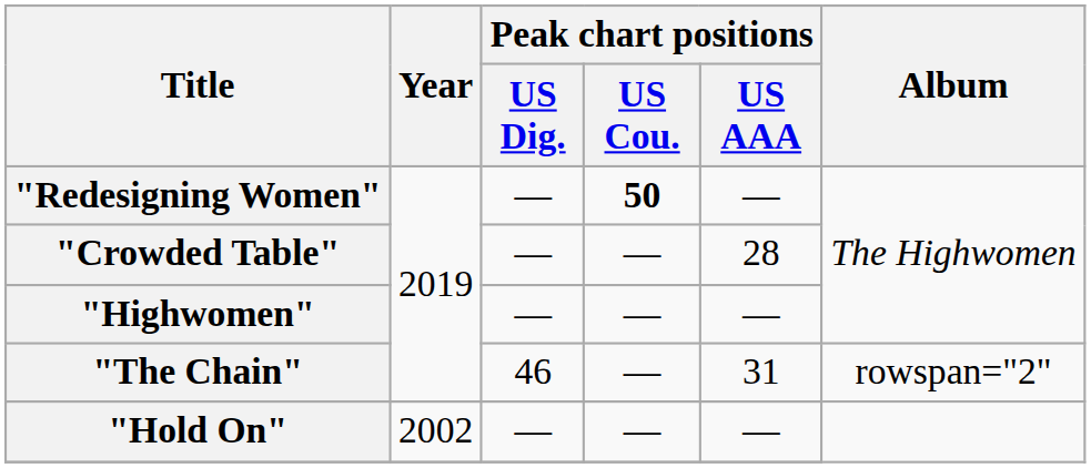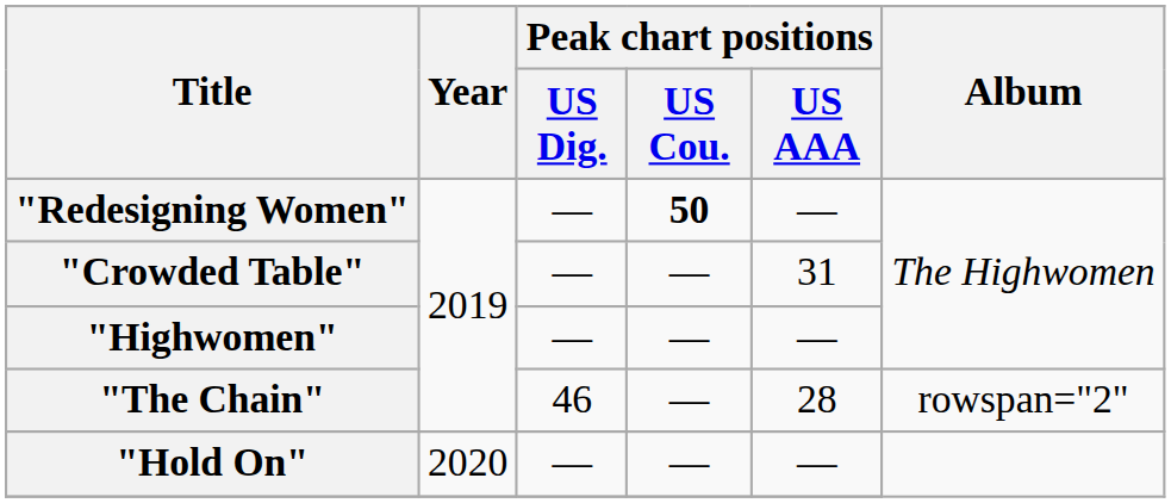 <table class="wikitable plainrowheaders" style="text-align:center">
 <tr>
 <th scope="col" rowspan="2">Title</th>
 <th scope="col" rowspan="2">Year</th>
 <th colspan="3" scope="col">Peak chart positions</th>
 <th scope="col" rowspan="2">Album</th>
 </tr>
 <tr>
 <th scope="col"><a href='#'>US<br>Dig.</a><br></th>
 <th scope="col"><a href='#'>US<br>Cou.</a><br></th>
 <th scope="col"><a href='#'>US<br>AAA</a><br></th>
 </tr>
 <tr>
 <th scope="row">"Redesigning Women"</th>
 <td rowspan="4">2019</td>
 <td>—</td>
 <td><strong>50</strong></td>
 <td>—</td>
 <td rowspan="3"><em>The Highwomen</em></td>
 </tr>
 <tr>
 <th scope="row">"Crowded Table"</th>
 <td>—</td>
 <td>—</td>
-<td>28</td>
+<td>31</td>
 </tr>
 <tr>
 <th scope="row">"Highwomen"</th>
 <td>—</td>
 <td>—</td>
 <td>—</td>
 </tr>
 <tr>
 <th scope="row">"The Chain"<br></th>
 <td>46</td>
 <td>—</td>
-<td>31</td>
+<td>28</td>
 <td>rowspan="2" </td>
 </tr>
 <tr>
 </tr>
 <tr>
 <th scope="row">"Hold On"<br></th>
-<td>2002</td>
+<td>2020</td>
 <td>—</td>
 <td>—</td>
 <td>—</td>
 </tr>
 <tr>
 </tr>
 </table>
